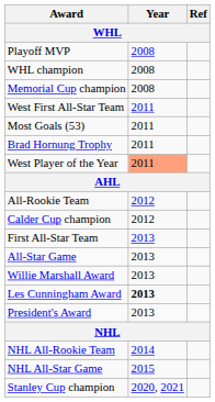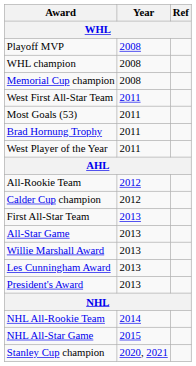 <table class="wikitable">
 <tr>
 <th>Award</th>
 <th>Year</th>
 <th>Ref</th>
 </tr>
 <tr>
 <th colspan="3"><a href='#'>WHL</a></th>
 </tr>
 <tr>
 <td>Playoff MVP</td>
 <td><a href='#'>2008</a></td>
 <td></td>
 </tr>
 <tr>
 <td>WHL champion</td>
 <td>2008</td>
 <td></td>
 </tr>
 <tr>
 <td><a href='#'>Memorial Cup</a> champion</td>
 <td>2008</td>
 <td></td>
 </tr>
 <tr>
 <td>West First All-Star Team</td>
 <td><a href='#'>2011</a></td>
 <td></td>
 </tr>
 <tr>
 <td>Most Goals (53)</td>
 <td>2011</td>
 <td></td>
 </tr>
 <tr>
 <td><a href='#'>Brad Hornung Trophy</a></td>
 <td>2011</td>
 <td></td>
 </tr>
 <tr>
 <td>West Player of the Year</td>
-<td style="background: lightsalmon;">2011</td>
+<td>2011</td>
 <td></td>
 </tr>
 <tr>
 <th colspan="3"><a href='#'>AHL</a></th>
 </tr>
 <tr>
 <td>All-Rookie Team</td>
 <td><a href='#'>2012</a></td>
 <td></td>
 </tr>
 <tr>
 <td><a href='#'>Calder Cup</a> champion</td>
 <td>2012</td>
 <td></td>
 </tr>
 <tr>
 <td>First All-Star Team</td>
 <td><a href='#'>2013</a></td>
 <td></td>
 </tr>
 <tr>
 <td><a href='#'>All-Star Game</a></td>
 <td>2013</td>
 <td></td>
 </tr>
 <tr>
 <td><a href='#'>Willie Marshall Award</a></td>
 <td>2013</td>
 <td></td>
 </tr>
 <tr>
 <td><a href='#'>Les Cunningham Award</a></td>
-<td><strong>2013</strong></td>
+<td>2013</td>
 <td></td>
 </tr>
 <tr>
 <td><a href='#'>President's Award</a></td>
 <td>2013</td>
 <td></td>
 </tr>
 <tr>
 <th colspan="3"><a href='#'>NHL</a></th>
 </tr>
 <tr>
 <td><a href='#'>NHL All-Rookie Team</a></td>
 <td><a href='#'>2014</a></td>
 <td></td>
 </tr>
 <tr>
 <td><a href='#'>NHL All-Star Game</a></td>
 <td><a href='#'>2015</a></td>
 <td></td>
 </tr>
 <tr>
 <td><a href='#'>Stanley Cup</a> champion</td>
 <td><a href='#'>2020</a>, <a href='#'>2021</a></td>
 <td></td>
 </tr>
 </table>
